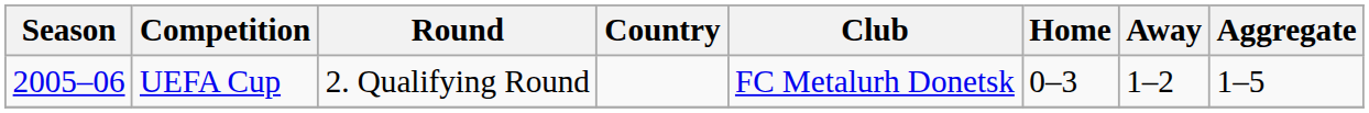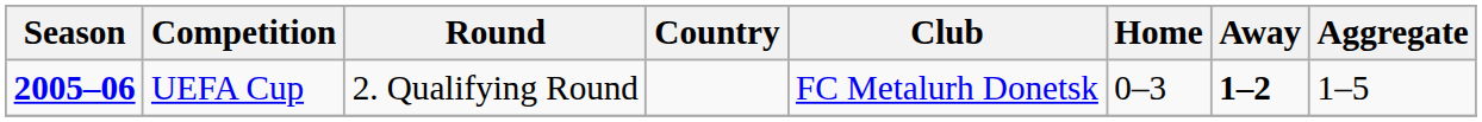 <table class="wikitable">
 <tr>
 <th>Season</th>
 <th>Competition</th>
 <th>Round</th>
 <th>Country</th>
 <th>Club</th>
 <th>Home</th>
 <th>Away</th>
 <th>Aggregate</th>
 </tr>
 <tr>
-<td><a href='#'>2005–06</a></td>
+<td><strong><a href='#'>2005–06</a></strong></td>
 <td><a href='#'>UEFA Cup</a></td>
 <td>2. Qualifying Round</td>
 <td></td>
 <td><a href='#'>FC Metalurh Donetsk</a></td>
 <td>0–3</td>
-<td>1–2</td>
+<td><strong>1–2</strong></td>
 <td>1–5</td>
 </tr>
 <tr>
 </tr>
 </table>
